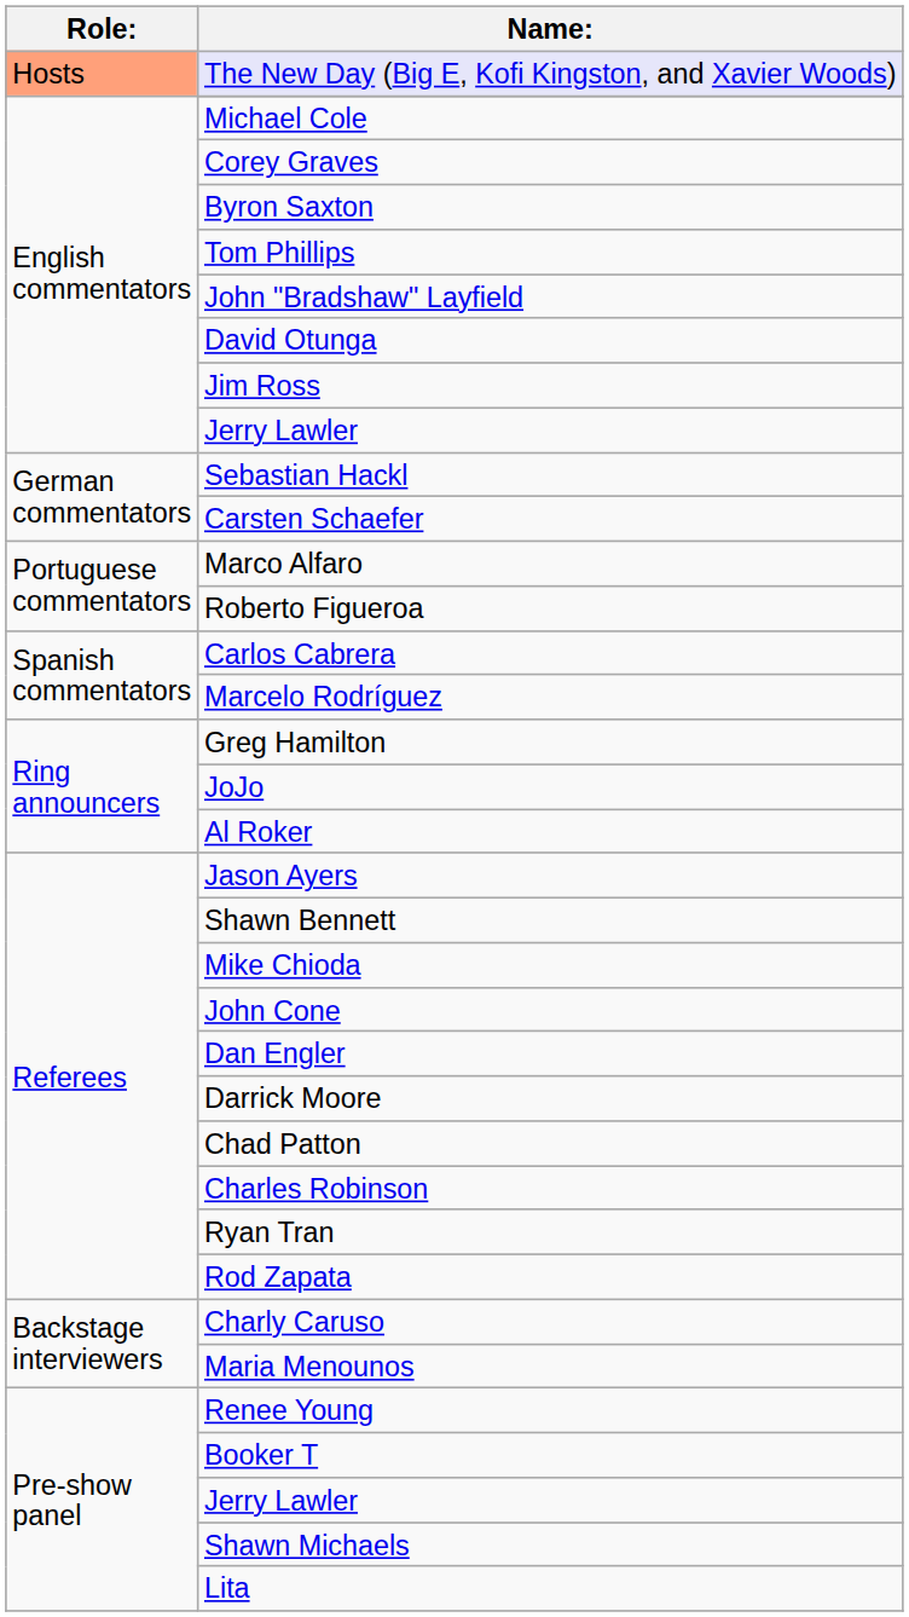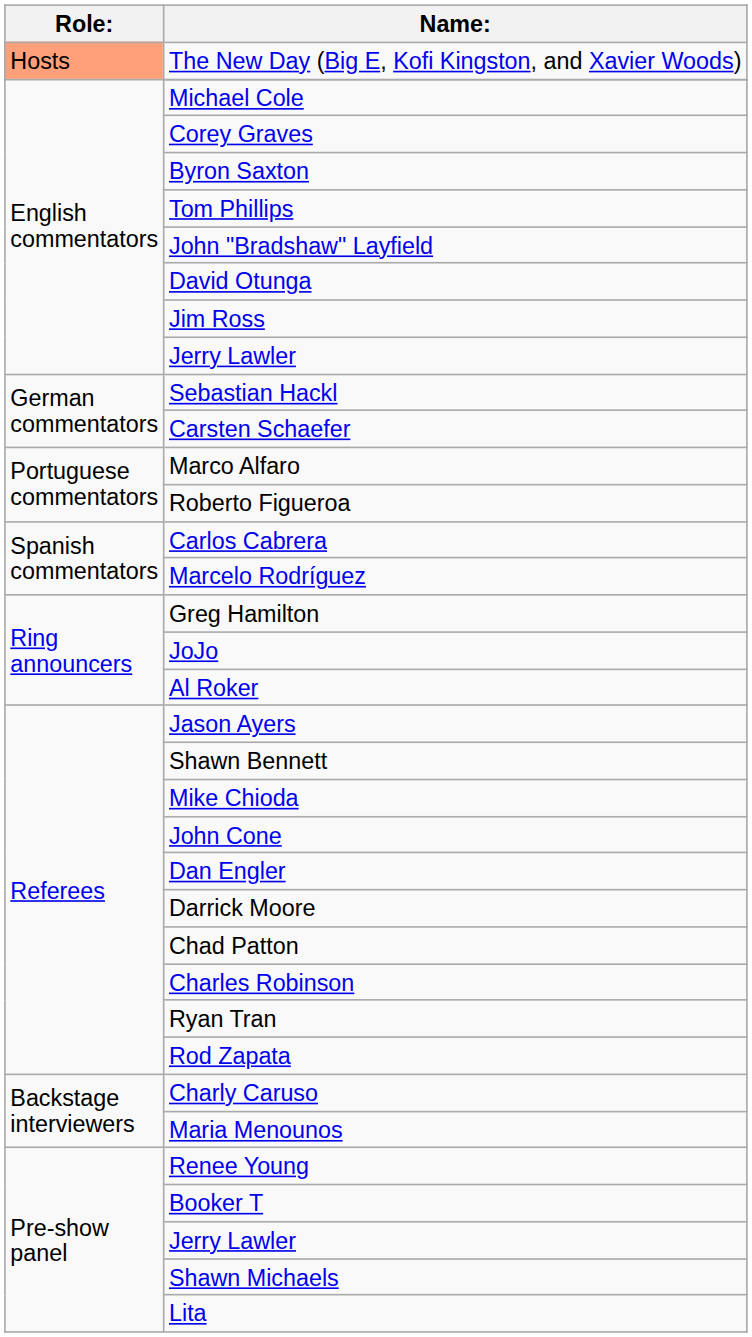 <table class=wikitable style="font-size:90%; margin: 0.5em 0 0.5em 1em; float: right; clear: right;">
 <tr>
 <th>Role:</th>
 <th>Name:</th>
 </tr>
 <tr>
 <td rowspan=1 style="background: lightsalmon;">Hosts</td>
-<td style="background: lavender;"><a href='#'>The New Day</a> (<a href='#'>Big E</a>, <a href='#'>Kofi Kingston</a>, and <a href='#'>Xavier Woods</a>)</td>
+<td><a href='#'>The New Day</a> (<a href='#'>Big E</a>, <a href='#'>Kofi Kingston</a>, and <a href='#'>Xavier Woods</a>)</td>
 </tr>
 <tr>
 <td rowspan=9>English<br>commentators</td>
 </tr>
 <tr>
 <td><a href='#'>Michael Cole</a> </td>
 </tr>
 <tr>
 <td><a href='#'>Corey Graves</a> </td>
 </tr>
 <tr>
 <td><a href='#'>Byron Saxton</a> </td>
 </tr>
 <tr>
 <td><a href='#'>Tom Phillips</a> <br></td>
 </tr>
 <tr>
 <td><a href='#'>John "Bradshaw" Layfield</a> <br></td>
 </tr>
 <tr>
 <td><a href='#'>David Otunga</a> </td>
 </tr>
 <tr>
 <td><a href='#'>Jim Ross</a> </td>
 </tr>
 <tr>
 <td><a href='#'>Jerry Lawler</a> </td>
 </tr>
 <tr>
 <td rowspan=2>German<br>commentators</td>
 <td><a href='#'>Sebastian Hackl</a></td>
 </tr>
 <tr>
 <td><a href='#'>Carsten Schaefer</a></td>
 </tr>
 <tr>
 <td rowspan="2">Portuguese<br>commentators</td>
 <td>Marco Alfaro</td>
 </tr>
 <tr>
 <td>Roberto Figueroa</td>
 </tr>
 <tr>
 <td rowspan="2">Spanish<br>commentators</td>
 <td><a href='#'>Carlos Cabrera</a></td>
 </tr>
 <tr>
 <td><a href='#'>Marcelo Rodríguez</a></td>
 </tr>
 <tr>
 <td rowspan=3><a href='#'>Ring<br>announcers</a></td>
 <td>Greg Hamilton </td>
 </tr>
 <tr>
 <td><a href='#'>JoJo</a> </td>
 </tr>
 <tr>
 <td><a href='#'>Al Roker</a> </td>
 </tr>
 <tr>
 <td rowspan=10><a href='#'>Referees</a></td>
 <td><a href='#'>Jason Ayers</a></td>
 </tr>
 <tr>
 <td>Shawn Bennett</td>
 </tr>
 <tr>
 <td><a href='#'>Mike Chioda</a></td>
 </tr>
 <tr>
 <td><a href='#'>John Cone</a></td>
 </tr>
 <tr>
 <td><a href='#'>Dan Engler</a></td>
 </tr>
 <tr>
 <td>Darrick Moore</td>
 </tr>
 <tr>
 <td>Chad Patton</td>
 </tr>
 <tr>
 <td><a href='#'>Charles Robinson</a></td>
 </tr>
 <tr>
 <td>Ryan Tran</td>
 </tr>
 <tr>
 <td><a href='#'>Rod Zapata</a></td>
 </tr>
 <tr>
 <td rowspan=2>Backstage<br>interviewers</td>
 <td><a href='#'>Charly Caruso</a></td>
 </tr>
 <tr>
 <td><a href='#'>Maria Menounos</a></td>
 </tr>
 <tr>
 <td rowspan=5>Pre-show<br>panel</td>
 <td><a href='#'>Renee Young</a></td>
 </tr>
 <tr>
 <td><a href='#'>Booker T</a></td>
 </tr>
 <tr>
 <td><a href='#'>Jerry Lawler</a></td>
 </tr>
 <tr>
 <td><a href='#'>Shawn Michaels</a></td>
 </tr>
 <tr>
 <td><a href='#'>Lita</a></td>
 </tr>
 </table>
